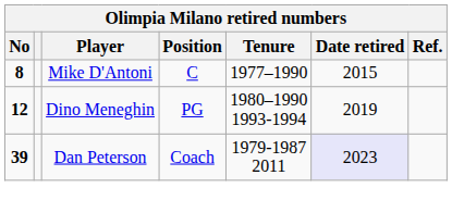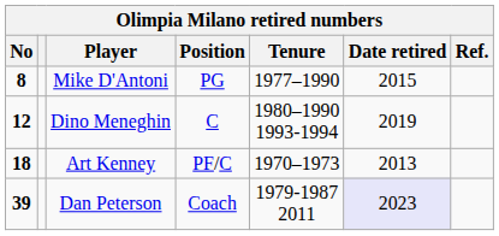 <table class="wikitable sortable" style="text-align:center">
 <tr>
 <th colspan=7>Olimpia Milano retired numbers</th>
 </tr>
 <tr>
 <th>No</th>
 <th></th>
 <th>Player</th>
 <th>Position</th>
 <th>Tenure</th>
 <th>Date retired</th>
 <th>Ref.</th>
 </tr>
 <tr>
 <td><strong>8</strong></td>
 <td></td>
 <td><a href='#'>Mike D'Antoni</a></td>
-<td><a href='#'>C</a></td>
+<td><a href='#'>PG</a></td>
 <td>1977–1990</td>
 <td>2015</td>
 <td></td>
 </tr>
 <tr>
 <td><strong>12</strong></td>
 <td></td>
 <td><a href='#'>Dino Meneghin</a></td>
-<td><a href='#'>PG</a></td>
+<td><a href='#'>C</a></td>
 <td>1980–1990 <br> 1993-1994</td>
 <td>2019</td>
+<td></td>
+</tr>
+<tr>
+<td><strong>18</strong></td>
+<td></td>
+<td><a href='#'>Art Kenney</a></td>
+<td><a href='#'>PF</a>/<a href='#'>C</a></td>
+<td>1970–1973</td>
+<td>2013</td>
 <td></td>
 </tr>
 <tr>
 <td><strong>39</strong></td>
 <td></td>
 <td><a href='#'>Dan Peterson</a></td>
 <td><a href='#'>Coach</a></td>
 <td>1979-1987 <br> 2011</td>
 <td style="background: lavender;">2023</td>
 <td></td>
 </tr>
 </table>
